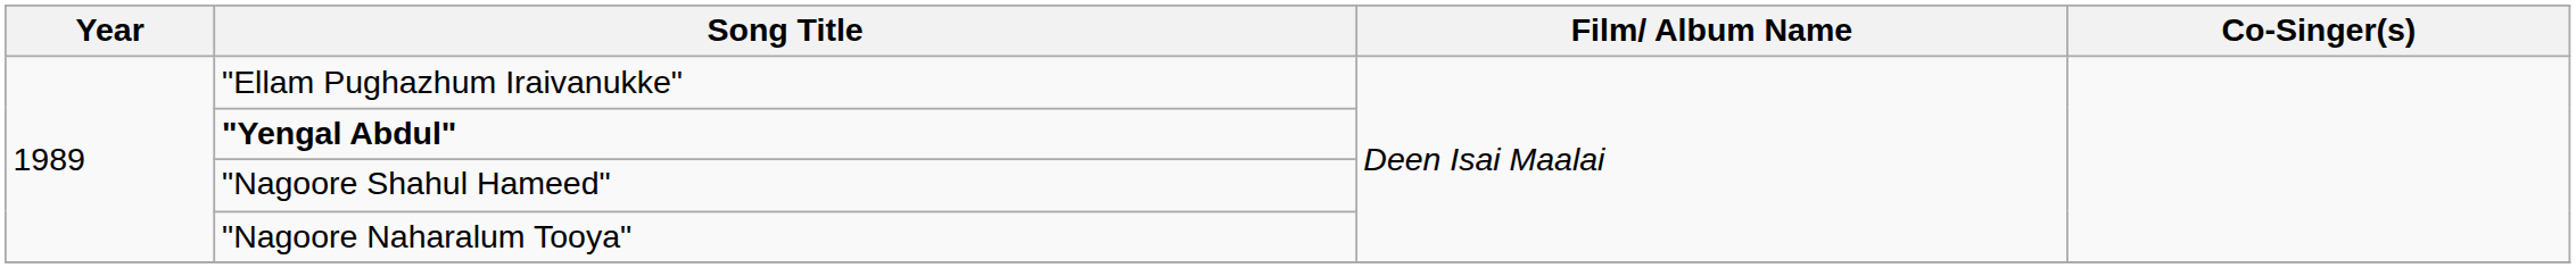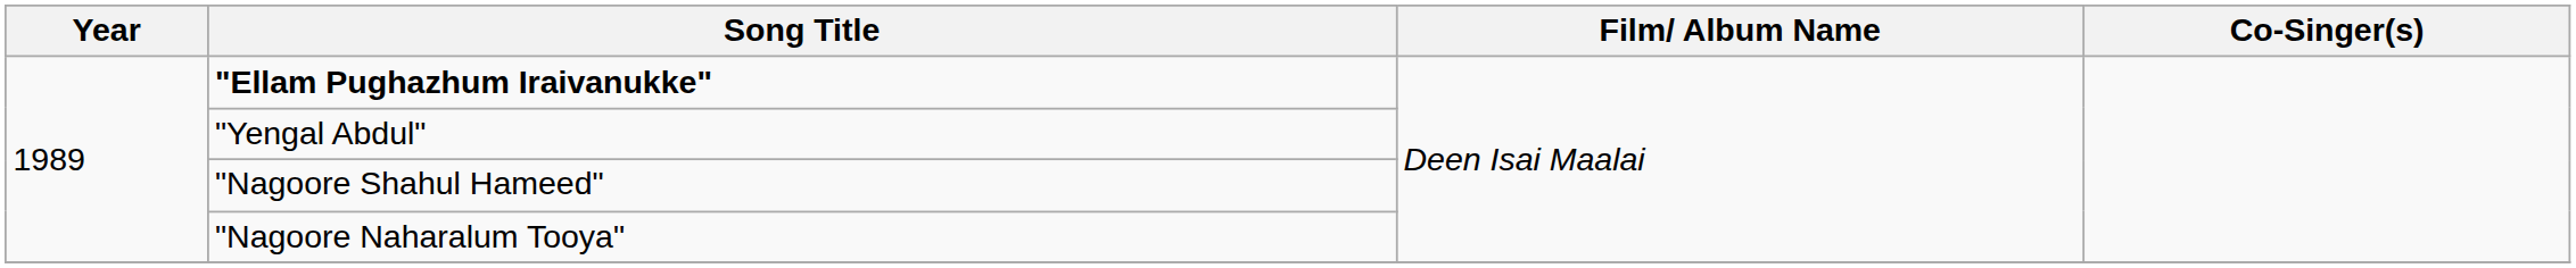 <table class="wikitable" width="80%">
 <tr>
 <th>Year</th>
 <th>Song Title</th>
 <th>Film/ Album Name</th>
 <th>Co-Singer(s)</th>
 </tr>
 <tr>
 <td rowspan="4">1989</td>
-<td>"Ellam Pughazhum Iraivanukke"</td>
+<td><strong>"Ellam Pughazhum Iraivanukke"</strong></td>
 <td rowspan="4"><em>Deen Isai Maalai</em></td>
 <td rowspan="4"></td>
 </tr>
 <tr>
-<td><strong>"Yengal Abdul"</strong></td>
+<td>"Yengal Abdul"</td>
 </tr>
 <tr>
 <td>"Nagoore Shahul Hameed"</td>
 </tr>
 <tr>
 <td>"Nagoore Naharalum Tooya"</td>
 </tr>
 <tr>
 </tr>
 </table>
